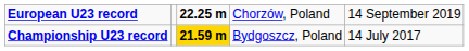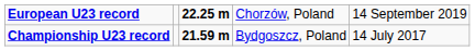 <table class="wikitable">
 <tr>
 <td><strong><a href='#'>European U23 record</a></strong></td>
 <td></td>
 <td><strong>22.25 m</strong></td>
 <td><a href='#'>Chorzów</a>, Poland</td>
 <td>14 September 2019</td>
 </tr>
 <tr>
 <td><strong><a href='#'>Championship U23 record</a></strong></td>
 <td></td>
-<td style="background: gold;"><strong>21.59 m</strong></td>
+<td><strong>21.59 m</strong></td>
 <td><a href='#'>Bydgoszcz</a>, Poland</td>
 <td>14 July 2017</td>
 </tr>
 </table>
